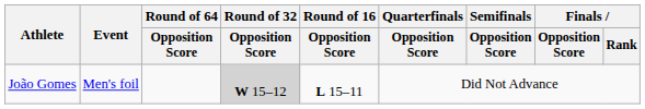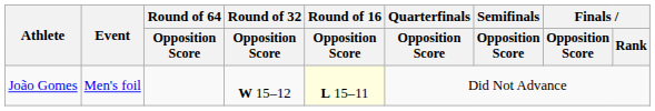 <table class="wikitable" style="font-size:90%">
 <tr>
 <th rowspan="2">Athlete</th>
 <th rowspan="2">Event</th>
 <th>Round of 64</th>
 <th>Round of 32</th>
 <th>Round of 16</th>
 <th>Quarterfinals</th>
 <th>Semifinals</th>
 <th colspan="2">Finals / </th>
 </tr>
 <tr style="font-size:95%">
 <th>Opposition<br>Score</th>
 <th>Opposition<br>Score</th>
 <th>Opposition<br>Score</th>
 <th>Opposition<br>Score</th>
 <th>Opposition<br>Score</th>
 <th>Opposition<br>Score</th>
 <th>Rank</th>
 </tr>
 <tr align=center>
 <td><a href='#'>João Gomes</a></td>
 <td><a href='#'>Men's foil</a></td>
 <td></td>
-<td style="background: lightgrey;"> <br><strong>W</strong> 15–12</td>
-<td> <br><strong>L</strong> 15–11</td>
+<td> <br><strong>W</strong> 15–12</td>
+<td style="background: lightyellow;"> <br><strong>L</strong> 15–11</td>
 <td colspan=4>Did Not Advance</td>
 </tr>
 </table>
